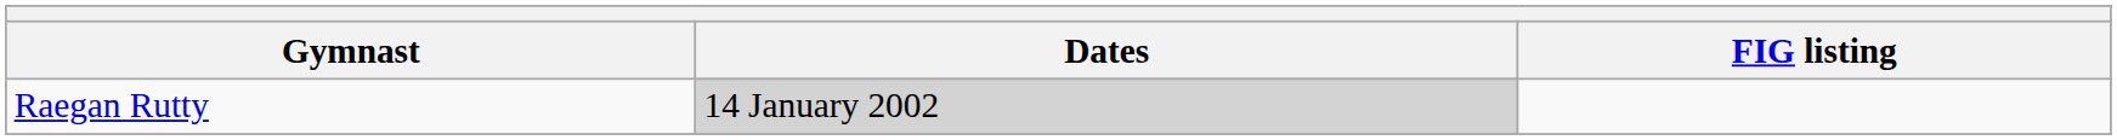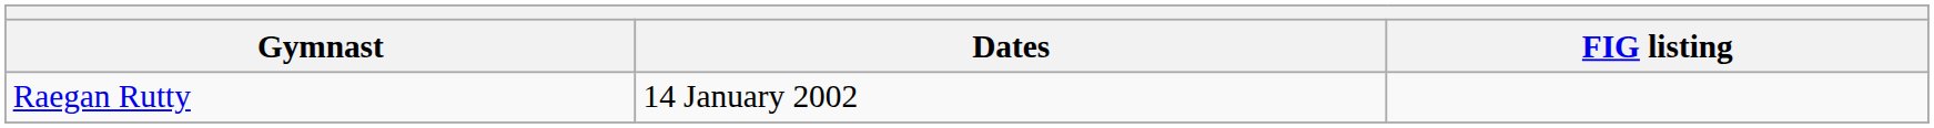 <table class="wikitable mw-collapsible mw-collapsed" width="75%">
 <tr>
 <th colspan="3"></th>
 </tr>
 <tr>
 <th>Gymnast</th>
 <th>Dates</th>
 <th><a href='#'>FIG</a> listing</th>
 </tr>
 <tr>
 <td><a href='#'>Raegan Rutty</a></td>
-<td style="background: lightgrey;">14 January 2002</td>
+<td>14 January 2002</td>
 <td></td>
 </tr>
 </table>
